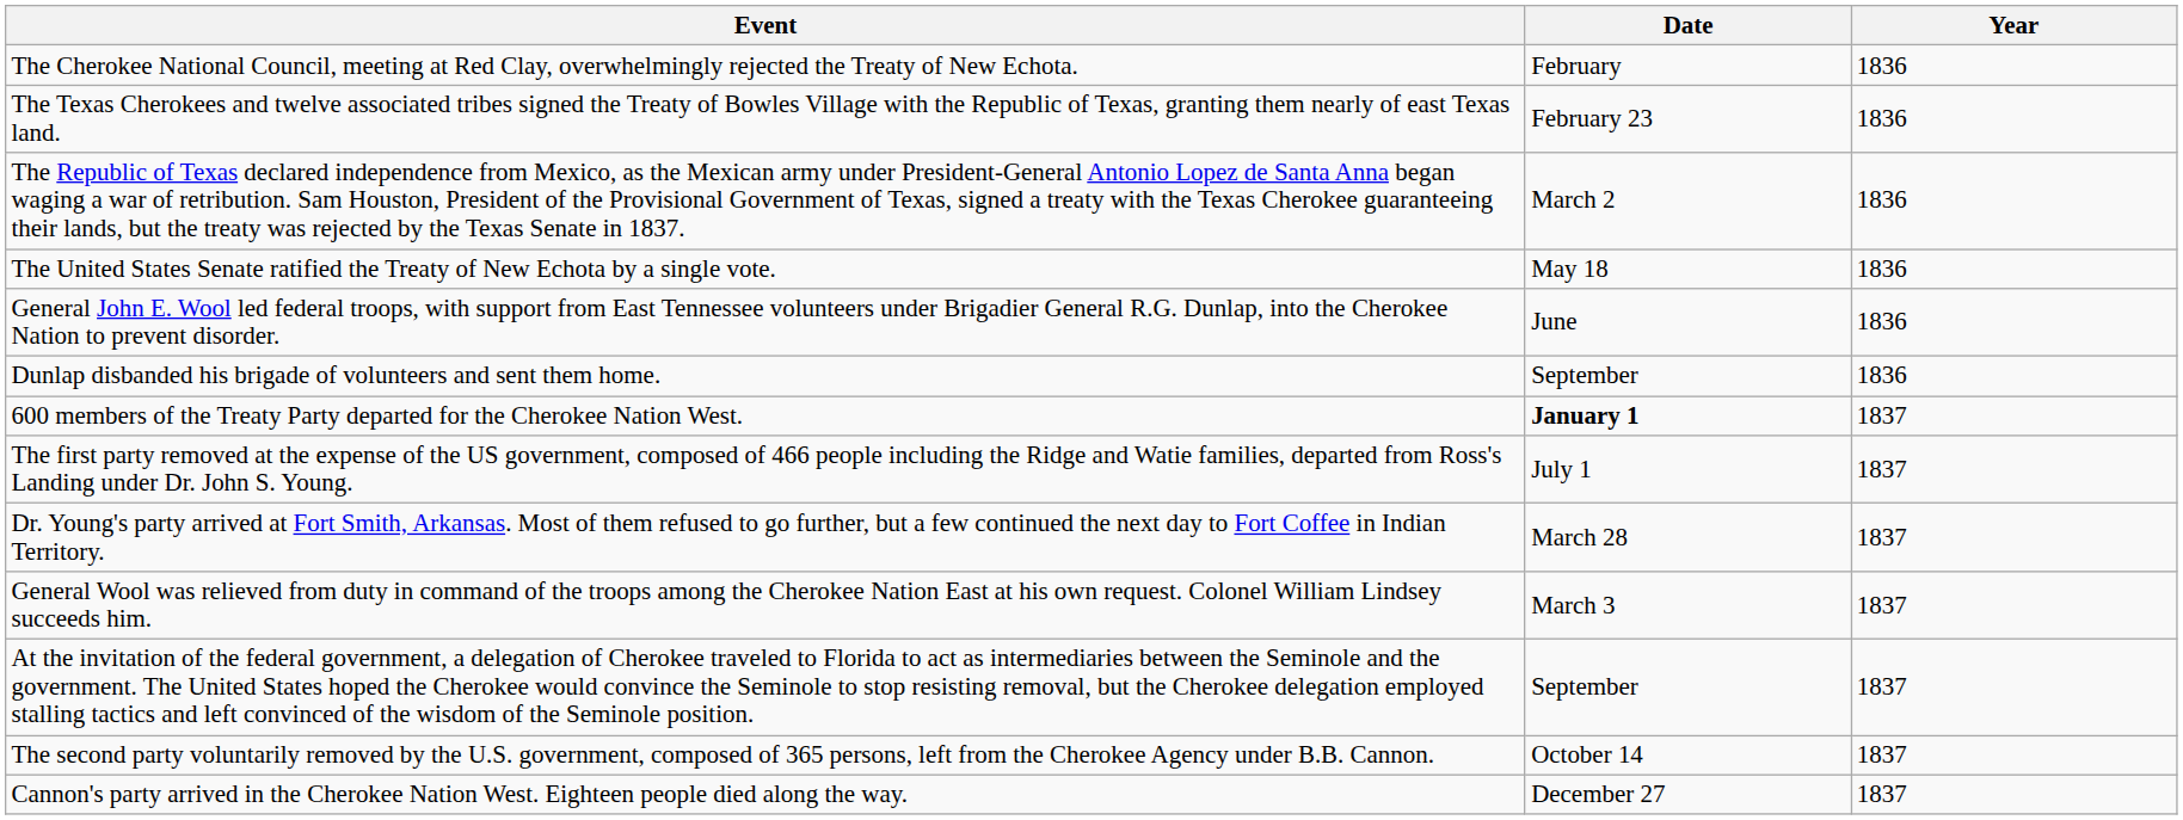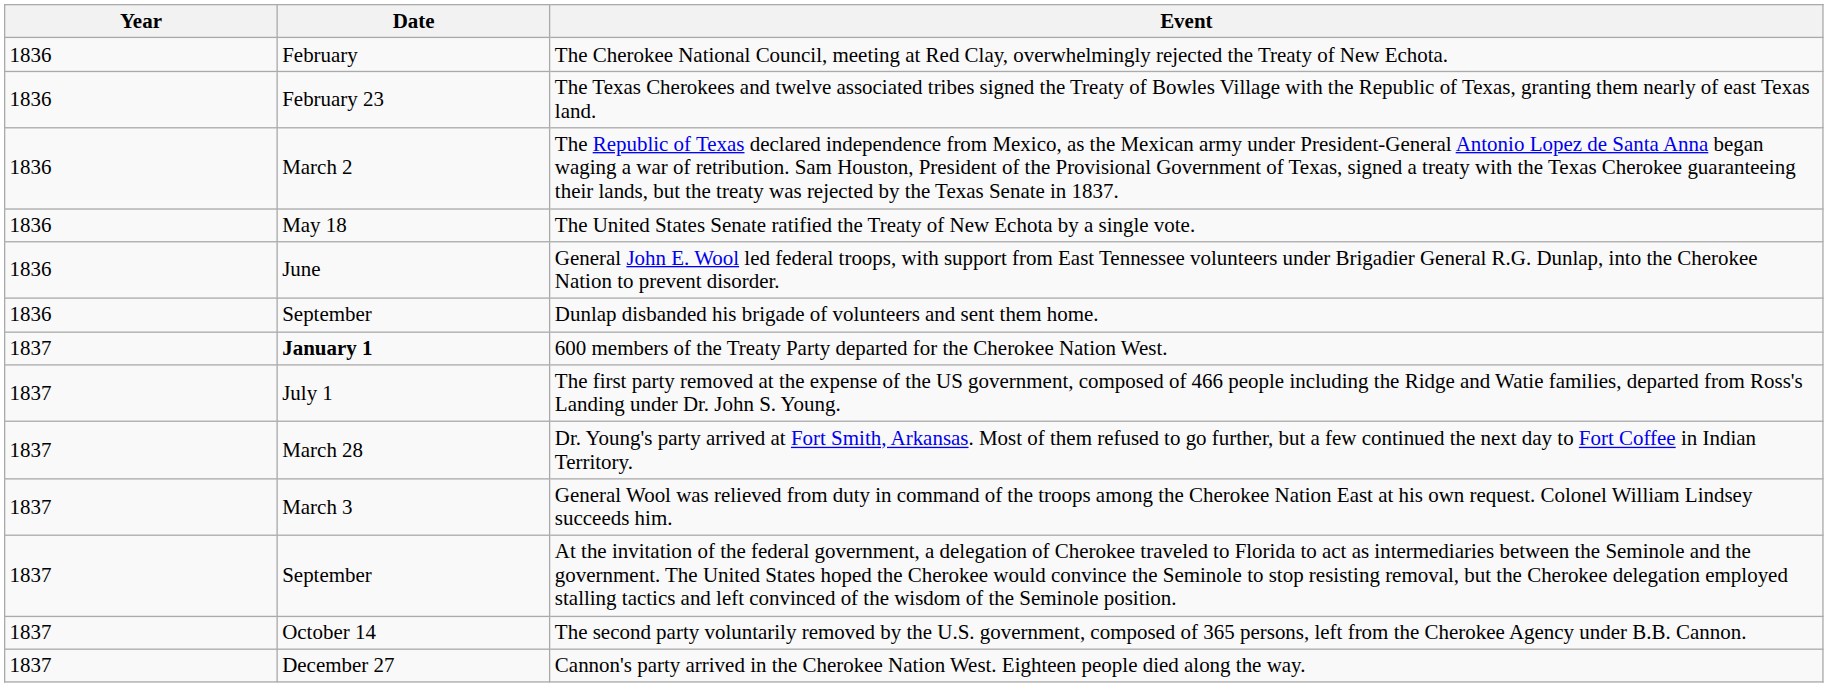 <table class="wikitable" width="70%">
 <tr>
+<th style="width:15%">Year</th>
+<th style="width:15%">Date</th>
 <th>Event</th>
-<th style="width:15%">Date</th>
-<th style="width:15%">Year</th>
 </tr>
 <tr>
+<td>1836</td>
+<td>February</td>
 <td>The Cherokee National Council, meeting at Red Clay, overwhelmingly rejected the Treaty of New Echota.</td>
-<td>February</td>
-<td>1836</td>
 </tr>
 <tr>
+<td>1836</td>
+<td>February 23</td>
 <td>The Texas Cherokees and twelve associated tribes signed the Treaty of Bowles Village with the Republic of Texas, granting them nearly  of east Texas land.</td>
-<td>February 23</td>
-<td>1836</td>
 </tr>
 <tr>
+<td>1836</td>
+<td>March 2</td>
 <td>The <a href='#'>Republic of Texas</a> declared independence from Mexico, as the Mexican army under President-General <a href='#'>Antonio Lopez de Santa Anna</a> began waging a war of retribution. Sam Houston, President of the Provisional Government of Texas, signed a treaty with the Texas Cherokee guaranteeing their lands, but the treaty was rejected by the Texas Senate in 1837.</td>
-<td>March 2</td>
-<td>1836</td>
 </tr>
 <tr>
+<td>1836</td>
+<td>May 18</td>
 <td>The United States Senate ratified the Treaty of New Echota by a single vote.</td>
-<td>May 18</td>
-<td>1836</td>
 </tr>
 <tr>
+<td>1836</td>
+<td>June</td>
 <td>General <a href='#'>John E. Wool</a> led federal troops, with support from East Tennessee volunteers under Brigadier General R.G. Dunlap, into the Cherokee Nation to prevent disorder.</td>
-<td>June</td>
-<td>1836</td>
 </tr>
 <tr>
+<td>1836</td>
+<td>September</td>
 <td>Dunlap disbanded his brigade of volunteers and sent them home.</td>
-<td>September</td>
-<td>1836</td>
 </tr>
 <tr>
+<td>1837</td>
+<td><strong>January 1</strong></td>
 <td>600 members of the Treaty Party departed for the Cherokee Nation West.</td>
-<td><strong>January 1</strong></td>
-<td>1837</td>
 </tr>
 <tr>
+<td>1837</td>
+<td>July 1</td>
 <td>The first party removed at the expense of the US government, composed of 466 people including the Ridge and Watie families, departed from Ross's Landing under Dr. John S. Young.</td>
-<td>July 1</td>
-<td>1837</td>
 </tr>
 <tr>
+<td>1837</td>
+<td>March 28</td>
 <td>Dr. Young's party arrived at <a href='#'>Fort Smith, Arkansas</a>. Most of them refused to go further, but a few continued the next day to <a href='#'>Fort Coffee</a> in Indian Territory.</td>
-<td>March 28</td>
-<td>1837</td>
 </tr>
 <tr>
+<td>1837</td>
+<td>March 3</td>
 <td>General Wool was relieved from duty in command of the troops among the Cherokee Nation East at his own request. Colonel William Lindsey succeeds him.</td>
-<td>March 3</td>
-<td>1837</td>
 </tr>
 <tr>
+<td>1837</td>
+<td>September</td>
 <td>At the invitation of the federal government, a delegation of Cherokee traveled to Florida to act as intermediaries between the Seminole and the government. The United States hoped the Cherokee would convince the Seminole to stop resisting removal, but the Cherokee delegation employed stalling tactics and left convinced of the wisdom of the Seminole position.</td>
-<td>September</td>
-<td>1837</td>
 </tr>
 <tr>
+<td>1837</td>
+<td>October 14</td>
 <td>The second party voluntarily removed by the U.S. government, composed of 365 persons, left from the Cherokee Agency under B.B. Cannon.</td>
-<td>October 14</td>
-<td>1837</td>
 </tr>
 <tr>
+<td>1837</td>
+<td>December 27</td>
 <td>Cannon's party arrived in the Cherokee Nation West. Eighteen people died along the way.</td>
-<td>December 27</td>
-<td>1837</td>
 </tr>
 </table>
